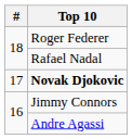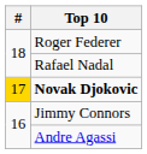 <table class="wikitable" style="display:inline-table;">
 <tr>
 <th width=20>#</th>
 <th>Top 10</th>
 </tr>
 <tr>
 <td rowspan="2" style="text-align:center;">18</td>
 <td> Roger Federer</td>
 </tr>
 <tr>
 <td> Rafael Nadal</td>
 </tr>
 <tr>
-<td style="text-align:center;">17</td>
+<td style="background: gold; text-align:center;">17</td>
 <td> <strong>Novak Djokovic</strong></td>
 </tr>
 <tr>
 <td rowspan="2" style="text-align:center;">16</td>
 <td> Jimmy Connors</td>
 </tr>
 <tr>
 <td> <a href='#'>Andre Agassi</a></td>
 </tr>
 </table>
